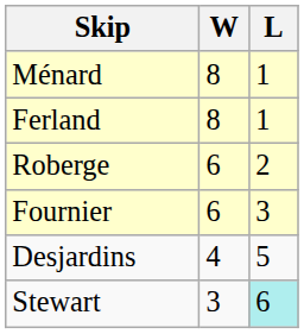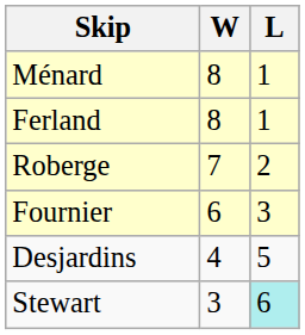 <table class="wikitable">
 <tr>
 <th width=100px>Skip</th>
 <th width=20px>W</th>
 <th width=20px>L</th>
 </tr>
 <tr style="background:#ffffcc;">
 <td>Ménard</td>
 <td>8</td>
 <td>1</td>
 </tr>
 <tr style="background:#ffffcc;">
 <td>Ferland</td>
 <td>8</td>
 <td>1</td>
 </tr>
 <tr style="background:#ffffcc;">
 <td>Roberge</td>
-<td>6</td>
+<td>7</td>
 <td>2</td>
 </tr>
 <tr style="background:#ffffcc;">
 <td>Fournier</td>
 <td>6</td>
 <td>3</td>
 </tr>
 <tr>
 <td>Desjardins</td>
 <td>4</td>
 <td>5</td>
 </tr>
 <tr>
 <td>Stewart</td>
 <td>3</td>
 <td style="background: paleturquoise;">6</td>
 </tr>
 </table>
